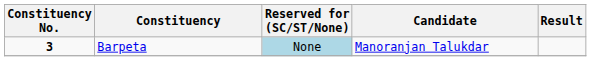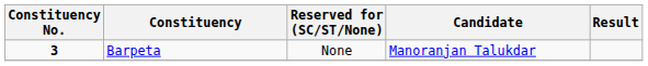 <table class= "wikitable sortable">
 <tr>
 <th align="center">Constituency <br> No.</th>
 <th style="width:180px;">Constituency</th>
 <th align="center">Reserved for<br>(SC/ST/None)</th>
 <th style="width:200px;">Candidate</th>
 <th align="center">Result</th>
 </tr>
 <tr>
 <td style="text-align:center;"><strong>3</strong></td>
 <td><a href='#'>Barpeta</a></td>
-<td style="background: lightblue; text-align:center;">None</td>
+<td style="text-align:center;">None</td>
 <td><a href='#'>Manoranjan Talukdar</a></td>
 <td></td>
 </tr>
 <tr>
 </tr>
 </table>
